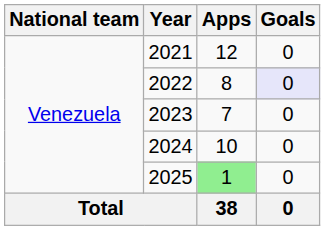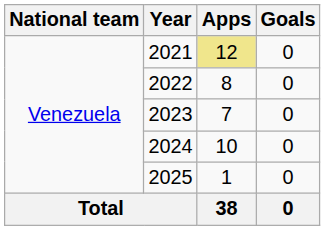 <table class="wikitable" style="text-align:center">
 <tr>
 <th>National team</th>
 <th>Year</th>
 <th>Apps</th>
 <th>Goals</th>
 </tr>
 <tr>
 <td rowspan="5"><a href='#'>Venezuela</a></td>
 <td>2021</td>
-<td>12</td>
+<td style="background: khaki;">12</td>
 <td>0</td>
 </tr>
 <tr>
 <td>2022</td>
 <td>8</td>
-<td style="background: lavender;">0</td>
+<td>0</td>
 </tr>
 <tr>
 <td>2023</td>
 <td>7</td>
 <td>0</td>
 </tr>
 <tr>
 <td>2024</td>
 <td>10</td>
 <td>0</td>
 </tr>
 <tr>
 <td>2025</td>
-<td style="background: lightgreen;">1</td>
+<td>1</td>
 <td>0</td>
 </tr>
 <tr>
 <th colspan="2">Total</th>
 <th>38</th>
 <th>0</th>
 </tr>
 </table>
